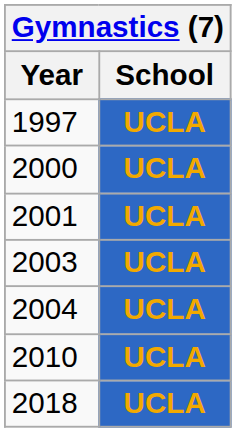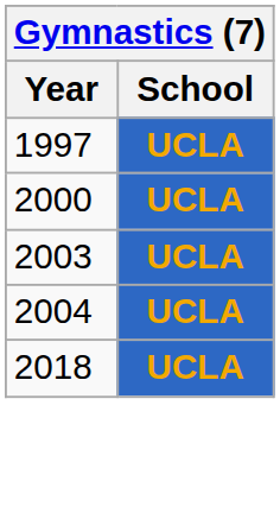 <table class="wikitable">
 <tr>
 <th colspan=2><a href='#'>Gymnastics</a> (7)</th>
 </tr>
 <tr>
 <th>Year</th>
 <th>School</th>
 </tr>
 <tr>
 <td>1997</td>
 <th style="background:#2D68C4; color:#F2A900;">UCLA</th>
 </tr>
 <tr>
 <td>2000</td>
 <th style="background:#2D68C4; color:#F2A900;">UCLA</th>
 </tr>
 <tr>
-<td>2001</td>
-<th style="background:#2D68C4; color:#F2A900;">UCLA</th>
-</tr>
-<tr>
 <td>2003</td>
 <th style="background:#2D68C4; color:#F2A900;">UCLA</th>
 </tr>
 <tr>
 <td>2004</td>
 <th style="background:#2D68C4; color:#F2A900;">UCLA</th>
 </tr>
 <tr>
-<td>2010</td>
-<th style="background:#2D68C4; color:#F2A900;">UCLA</th>
-</tr>
-<tr>
 <td>2018</td>
 <th style="background:#2D68C4; color:#F2A900;">UCLA</th>
 </tr>
 </table>
